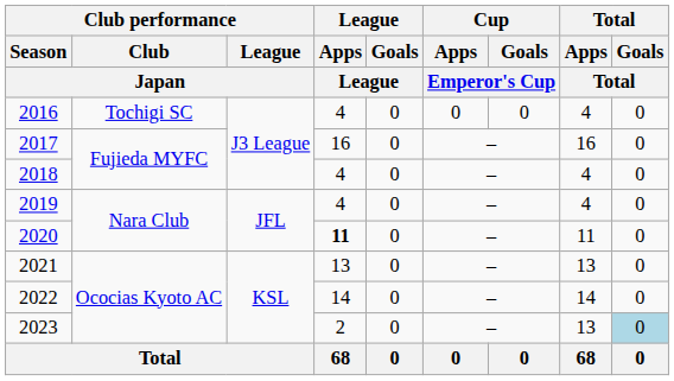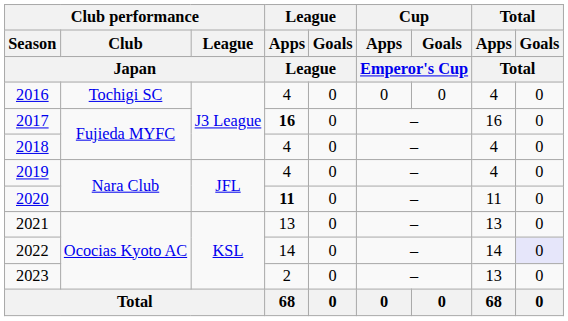 <table class="wikitable" style="text-align:center;">
 <tr>
 <th colspan=3>Club performance</th>
 <th colspan=2>League</th>
 <th colspan=2>Cup</th>
 <th colspan=2>Total</th>
 </tr>
 <tr>
 <th>Season</th>
 <th>Club</th>
 <th>League</th>
 <th>Apps</th>
 <th>Goals</th>
 <th>Apps</th>
 <th>Goals</th>
 <th>Apps</th>
 <th>Goals</th>
 </tr>
 <tr>
 <th colspan=3>Japan</th>
 <th colspan=2>League</th>
 <th colspan=2><a href='#'>Emperor's Cup</a></th>
 <th colspan=2>Total</th>
 </tr>
 <tr>
 <td><a href='#'>2016</a></td>
 <td><a href='#'>Tochigi SC</a></td>
 <td rowspan="3"><a href='#'>J3 League</a></td>
 <td>4</td>
 <td>0</td>
 <td>0</td>
 <td>0</td>
 <td>4</td>
 <td>0</td>
 </tr>
 <tr>
 <td><a href='#'>2017</a></td>
 <td rowspan="2"><a href='#'>Fujieda MYFC</a></td>
-<td>16</td>
+<td><strong>16</strong></td>
 <td>0</td>
 <td colspan="2">–</td>
 <td>16</td>
 <td>0</td>
 </tr>
 <tr>
 <td><a href='#'>2018</a></td>
 <td>4</td>
 <td>0</td>
 <td colspan="2">–</td>
 <td>4</td>
 <td>0</td>
 </tr>
 <tr>
 <td><a href='#'>2019</a></td>
 <td rowspan="2"><a href='#'>Nara Club</a></td>
 <td rowspan="2"><a href='#'>JFL</a></td>
 <td>4</td>
 <td>0</td>
 <td colspan="2">–</td>
 <td>4</td>
 <td>0</td>
 </tr>
 <tr>
 <td><a href='#'>2020</a></td>
 <td><strong>11</strong></td>
 <td>0</td>
 <td colspan="2">–</td>
 <td>11</td>
 <td>0</td>
 </tr>
 <tr>
 <td>2021</td>
 <td rowspan="3"><a href='#'>Ococias Kyoto AC</a></td>
 <td rowspan="3"><a href='#'>KSL</a></td>
 <td>13</td>
 <td>0</td>
 <td colspan="2">–</td>
 <td>13</td>
 <td>0</td>
 </tr>
 <tr>
 <td>2022</td>
 <td>14</td>
 <td>0</td>
 <td colspan="2">–</td>
 <td>14</td>
-<td>0</td>
+<td style="background: lavender;">0</td>
 </tr>
 <tr>
 <td>2023</td>
 <td>2</td>
 <td>0</td>
 <td colspan="2">–</td>
 <td>13</td>
-<td style="background: lightblue;">0</td>
+<td>0</td>
 </tr>
 <tr>
 <th colspan=3>Total</th>
 <th>68</th>
 <th>0</th>
 <th>0</th>
 <th>0</th>
 <th>68</th>
 <th>0</th>
 </tr>
 </table>
